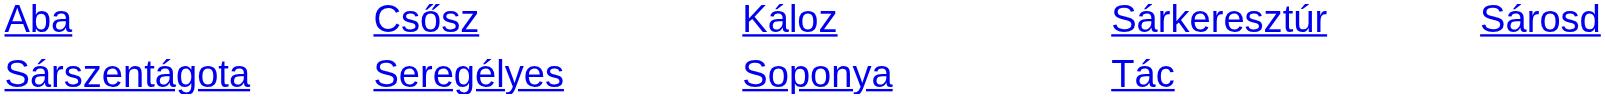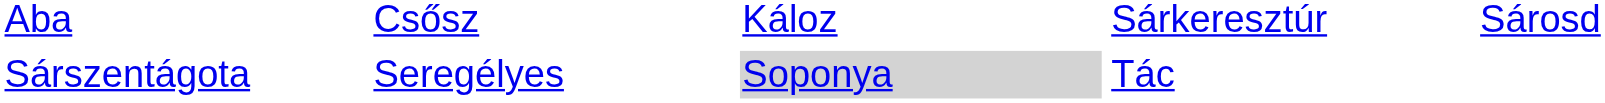 <table cellspacing="3">
 <tr>
 <td width=150><a href='#'>Aba</a></td>
 <td width=150><a href='#'>Csősz</a></td>
 <td width=150><a href='#'>Káloz</a></td>
 <td width=150><a href='#'>Sárkeresztúr</a></td>
 <td width=150><a href='#'>Sárosd</a></td>
 </tr>
 <tr>
 <td><a href='#'>Sárszentágota</a></td>
 <td><a href='#'>Seregélyes</a></td>
-<td><a href='#'>Soponya</a></td>
+<td style="background: lightgrey;"><a href='#'>Soponya</a></td>
 <td><a href='#'>Tác</a></td>
 </tr>
 </table>
